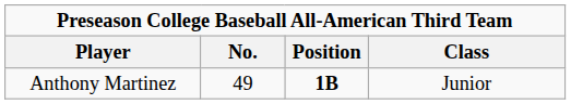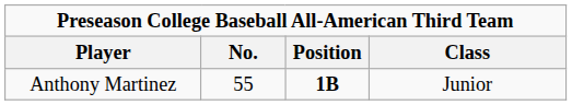 <table class="wikitable" style="text-align:center">
 <tr>
 <td colspan="4"><strong>Preseason College Baseball All-American Third Team</strong></td>
 </tr>
 <tr>
 <th style="width:150px; ">Player</th>
 <th style="width:60px; ">No.</th>
 <th style="width:60px; ">Position</th>
 <th style="width:150px; ">Class</th>
 </tr>
 <tr>
 <td>Anthony Martinez</td>
-<td>49</td>
+<td>55</td>
 <td><strong>1B</strong></td>
 <td>Junior</td>
 </tr>
 </table>
